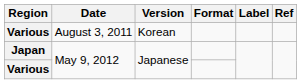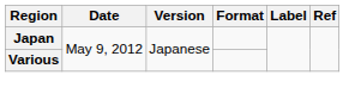 <table class="wikitable plainrowheaders">
 <tr>
 <th scope="col">Region</th>
 <th scope="col">Date</th>
 <th scope="col">Version</th>
 <th scope="col">Format</th>
 <th scope="col">Label</th>
 <th scope="col">Ref</th>
-</tr>
-<tr>
-<th scope="row">Various </th>
-<td>August 3, 2011</td>
-<td>Korean</td>
-<td></td>
-<td></td>
-<td></td>
 </tr>
 <tr>
 <th scope="row">Japan</th>
 <td rowspan="2">May 9, 2012</td>
 <td rowspan="2">Japanese</td>
 <td></td>
 <td rowspan="2"></td>
 <td rowspan="2"></td>
 </tr>
 <tr>
 <th scope="row">Various </th>
 <td></td>
 </tr>
 </table>
